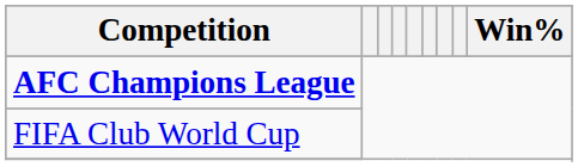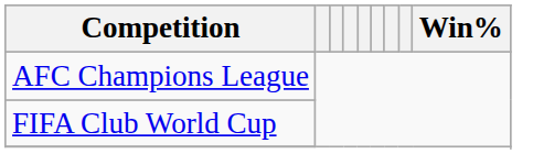 <table class="sortable wikitable" style="text-align:center;">
 <tr>
 <th>Competition</th>
 <th></th>
 <th></th>
 <th></th>
 <th></th>
 <th></th>
 <th></th>
 <th></th>
 <th>Win%</th>
 </tr>
 <tr>
-<td align=left><strong><a href='#'>AFC Champions League</a><br></strong></td>
+<td align=left><a href='#'>AFC Champions League</a><br></td>
 </tr>
 <tr>
 <td align=left><a href='#'>FIFA Club World Cup</a><br></td>
 </tr>
 <tr>
 </tr>
 </table>
